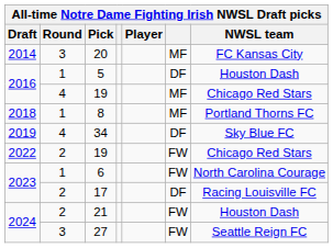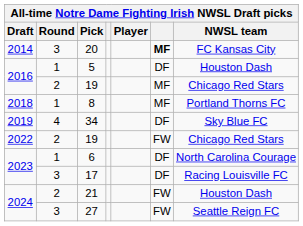 <table class="wikitable sortable" style="text-align: center;">
 <tr>
 <th colspan="7" style="background:#">All-time <a href='#'><span>Notre Dame Fighting Irish</span></a> NWSL Draft picks</th>
 </tr>
 <tr>
 <th scope="col">Draft</th>
 <th scope="col">Round</th>
 <th scope="col">Pick</th>
 <th scope="col"></th>
 <th scope="col">Player</th>
 <th scope="col"></th>
 <th scope="col">NWSL team</th>
 </tr>
 <tr>
 <td><a href='#'>2014</a></td>
 <td>3</td>
 <td>20</td>
 <td></td>
 <td></td>
-<td>MF</td>
+<td><strong>MF</strong></td>
 <td><a href='#'>FC Kansas City</a></td>
 </tr>
 <tr>
 <td rowspan="2"><a href='#'>2016</a></td>
 <td>1</td>
 <td>5</td>
 <td></td>
 <td></td>
 <td>DF</td>
 <td><a href='#'>Houston Dash</a></td>
 </tr>
 <tr>
-<td>4</td>
+<td>2</td>
 <td>19</td>
 <td></td>
 <td></td>
 <td>MF</td>
 <td><a href='#'>Chicago Red Stars</a></td>
 </tr>
 <tr>
 <td><a href='#'>2018</a></td>
 <td>1</td>
 <td>8</td>
 <td></td>
 <td></td>
 <td>MF</td>
 <td><a href='#'>Portland Thorns FC</a></td>
 </tr>
 <tr>
 <td><a href='#'>2019</a></td>
 <td>4</td>
 <td>34</td>
 <td></td>
 <td></td>
 <td>DF</td>
 <td><a href='#'>Sky Blue FC</a></td>
 </tr>
 <tr>
 <td><a href='#'>2022</a></td>
 <td>2</td>
 <td>19</td>
 <td></td>
 <td></td>
 <td>FW</td>
 <td><a href='#'>Chicago Red Stars</a></td>
 </tr>
 <tr>
 <td rowspan="2"><a href='#'>2023</a></td>
 <td>1</td>
 <td>6</td>
 <td></td>
 <td></td>
-<td>FW</td>
+<td>DF</td>
 <td><a href='#'>North Carolina Courage</a></td>
 </tr>
 <tr>
-<td>2</td>
+<td>3</td>
 <td>17</td>
 <td></td>
 <td></td>
 <td>DF</td>
 <td><a href='#'>Racing Louisville FC</a></td>
 </tr>
 <tr>
 <td rowspan="2"><a href='#'>2024</a></td>
 <td>2</td>
 <td>21</td>
 <td></td>
 <td></td>
 <td>FW</td>
 <td><a href='#'>Houston Dash</a></td>
 </tr>
 <tr>
 <td>3</td>
 <td>27</td>
 <td></td>
 <td></td>
 <td>FW</td>
 <td><a href='#'>Seattle Reign FC</a></td>
 </tr>
 </table>
